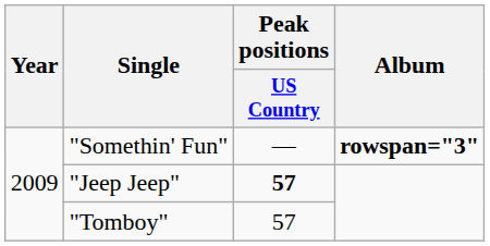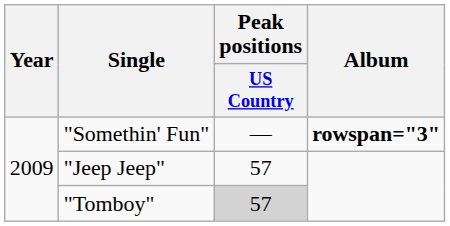 <table class="wikitable" style="text-align:center;">
 <tr>
 <th rowspan="2">Year</th>
 <th rowspan="2">Single</th>
 <th>Peak positions</th>
 <th rowspan="2">Album</th>
 </tr>
 <tr style="font-size:smaller;">
 <th style="width:45px;"><a href='#'>US Country</a></th>
 </tr>
 <tr>
 <td rowspan="3">2009</td>
 <td style="text-align:left;">"Somethin' Fun"</td>
 <td>—</td>
 <td><strong>rowspan="3" </strong></td>
 </tr>
 <tr>
 <td style="text-align:left;">"Jeep Jeep"</td>
-<td><strong>57</strong></td>
+<td>57</td>
 </tr>
 <tr>
 <td style="text-align:left;">"Tomboy"</td>
-<td>57</td>
+<td style="background: lightgrey;">57</td>
 </tr>
 </table>
